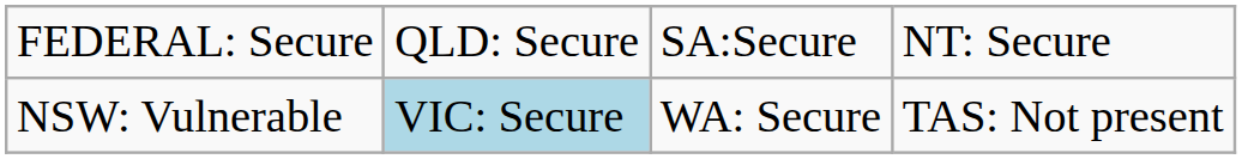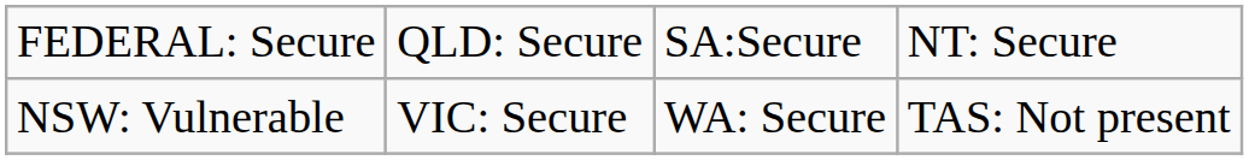 <table class="wikitable">
 <tr>
 <td>FEDERAL: Secure</td>
 <td>QLD: Secure</td>
 <td>SA:Secure</td>
 <td>NT: Secure</td>
 </tr>
 <tr>
 <td>NSW: Vulnerable</td>
-<td style="background: lightblue;">VIC: Secure</td>
+<td>VIC: Secure</td>
 <td>WA: Secure</td>
 <td>TAS: Not present</td>
 </tr>
 </table>
